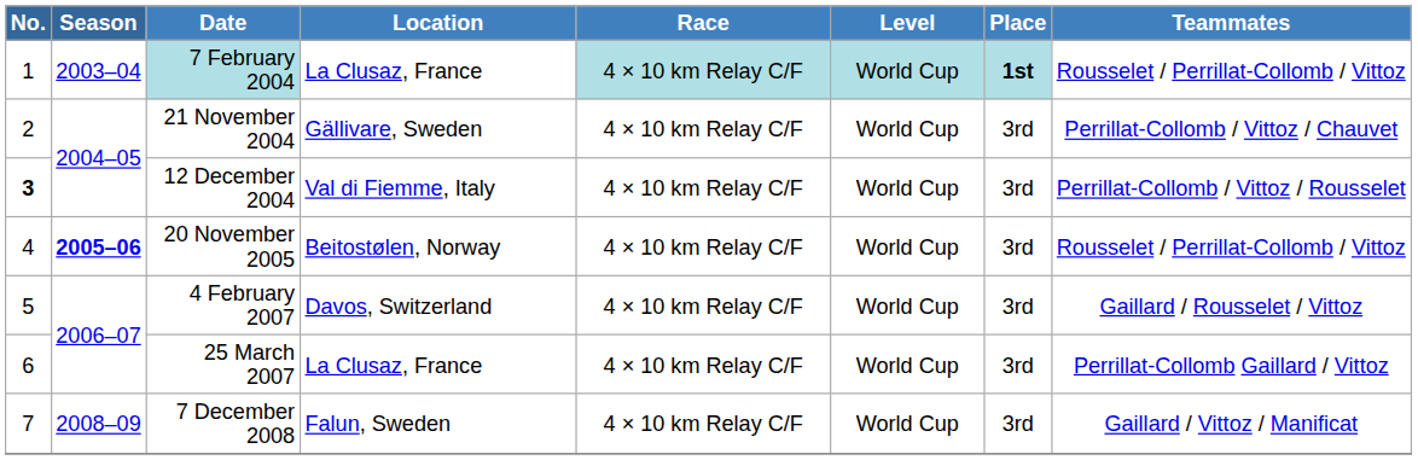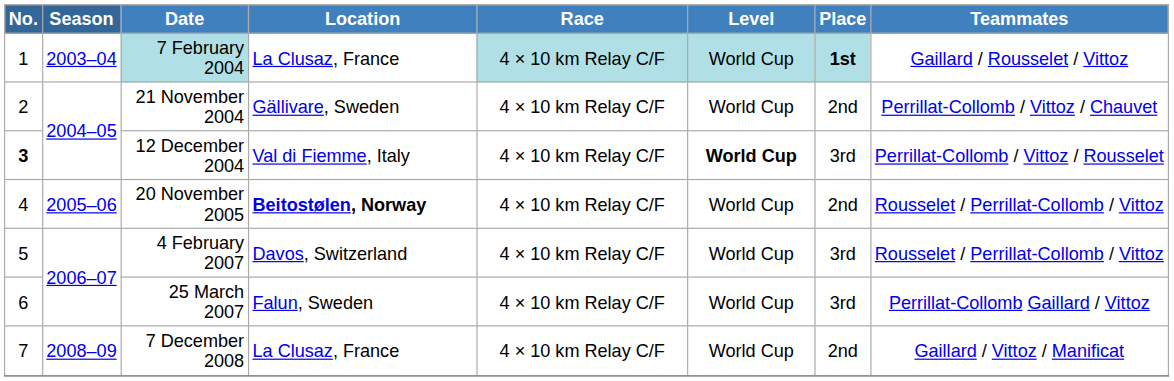 <table class="wikitable sortable" style="font-size:95%; text-align:center; border:grey solid 1px; border-collapse:collapse; background:#ffffff;">
 <tr style="background:#efefef;">
 <th style="background-color:#369; color:white;">No.</th>
 <th style="background-color:#369; color:white;">Season</th>
 <th style="background-color:#4180be; color:white; width:100px;">Date</th>
 <th style="background-color:#4180be; color:white; width:185px;">Location</th>
 <th style="background-color:#4180be; color:white; width:170px;">Race</th>
 <th style="background-color:#4180be; color:white; width:100px;">Level</th>
 <th style="background-color:#4180be; color:white;">Place</th>
 <th style="background-color:#4180be; color:white;">Teammates</th>
 </tr>
 <tr>
 <td align=center>1</td>
 <td rowspan=1 align=center><a href='#'>2003–04</a></td>
 <td bgcolor="#BOEOE6" align=right>7 February 2004</td>
 <td align=left> <a href='#'>La Clusaz</a>, France</td>
 <td bgcolor="#BOEOE6">4 × 10 km Relay C/F</td>
 <td bgcolor="#BOEOE6">World Cup</td>
 <td bgcolor="#BOEOE6"><strong>1st</strong></td>
-<td><a href='#'>Rousselet</a> / <a href='#'>Perrillat-Collomb</a> / <a href='#'>Vittoz</a></td>
+<td><a href='#'>Gaillard</a> / <a href='#'>Rousselet</a> / <a href='#'>Vittoz</a></td>
 </tr>
 <tr>
 <td align=center>2</td>
 <td rowspan=2 align=center><a href='#'>2004–05</a></td>
 <td align=right>21 November 2004</td>
 <td align=left> <a href='#'>Gällivare</a>, Sweden</td>
 <td>4 × 10 km Relay C/F</td>
 <td>World Cup</td>
-<td>3rd</td>
+<td>2nd</td>
 <td><a href='#'>Perrillat-Collomb</a> / <a href='#'>Vittoz</a> / <a href='#'>Chauvet</a></td>
 </tr>
 <tr>
 <td align=center><strong>3</strong></td>
 <td align=right>12 December 2004</td>
 <td align=left> <a href='#'>Val di Fiemme</a>, Italy</td>
 <td>4 × 10 km Relay C/F</td>
-<td>World Cup</td>
+<td><strong>World Cup</strong></td>
 <td>3rd</td>
 <td><a href='#'>Perrillat-Collomb</a> / <a href='#'>Vittoz</a> / <a href='#'>Rousselet</a></td>
 </tr>
 <tr>
 <td align=center>4</td>
-<td rowspan=1 align=center><strong><a href='#'>2005–06</a></strong></td>
+<td rowspan=1 align=center><a href='#'>2005–06</a></td>
 <td align=right>20 November 2005</td>
-<td align=left> <a href='#'>Beitostølen</a>, Norway</td>
+<td align=left><strong> <a href='#'>Beitostølen</a>, Norway</strong></td>
 <td>4 × 10 km Relay C/F</td>
 <td>World Cup</td>
-<td>3rd</td>
+<td>2nd</td>
 <td><a href='#'>Rousselet</a> / <a href='#'>Perrillat-Collomb</a> / <a href='#'>Vittoz</a></td>
 </tr>
 <tr>
 <td align=center>5</td>
 <td rowspan=2 align=center><a href='#'>2006–07</a></td>
 <td align=right>4 February 2007</td>
 <td align=left> <a href='#'>Davos</a>, Switzerland</td>
 <td>4 × 10 km Relay C/F</td>
 <td>World Cup</td>
 <td>3rd</td>
-<td><a href='#'>Gaillard</a> / <a href='#'>Rousselet</a> / <a href='#'>Vittoz</a></td>
+<td><a href='#'>Rousselet</a> / <a href='#'>Perrillat-Collomb</a> / <a href='#'>Vittoz</a></td>
 </tr>
 <tr>
 <td align=center>6</td>
 <td align=right>25 March 2007</td>
-<td align=left> <a href='#'>La Clusaz</a>, France</td>
+<td align=left> <a href='#'>Falun</a>, Sweden</td>
 <td>4 × 10 km Relay C/F</td>
 <td>World Cup</td>
 <td>3rd</td>
 <td><a href='#'>Perrillat-Collomb</a>  <a href='#'>Gaillard</a> / <a href='#'>Vittoz</a></td>
 </tr>
 <tr>
 <td align=center>7</td>
 <td rowspan=1 align=center><a href='#'>2008–09</a></td>
 <td align=right>7 December 2008</td>
-<td align=left> <a href='#'>Falun</a>, Sweden</td>
+<td align=left> <a href='#'>La Clusaz</a>, France</td>
 <td>4 × 10 km Relay C/F</td>
 <td>World Cup</td>
-<td>3rd</td>
+<td>2nd</td>
 <td><a href='#'>Gaillard</a> / <a href='#'>Vittoz</a> / <a href='#'>Manificat</a></td>
 </tr>
 <tr>
 </tr>
 </table>
